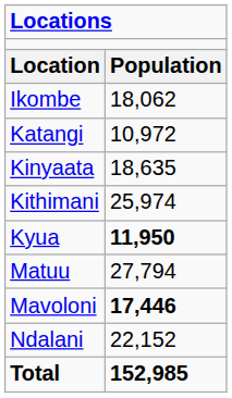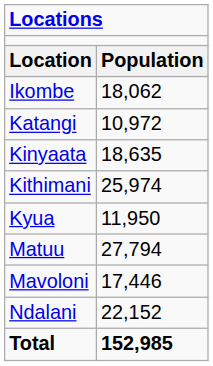 <table class="wikitable">
 <tr>
 <td colspan="2"><strong><a href='#'>Locations</a></strong></td>
 </tr>
 <tr>
 <td colspan="2"></td>
 </tr>
 <tr>
 <th>Location</th>
 <th>Population</th>
 </tr>
 <tr>
 <td><a href='#'>Ikombe</a></td>
 <td>18,062</td>
 </tr>
 <tr>
 <td><a href='#'>Katangi</a></td>
 <td>10,972</td>
 </tr>
 <tr>
 <td><a href='#'>Kinyaata</a></td>
 <td>18,635</td>
 </tr>
 <tr>
 <td><a href='#'>Kithimani</a></td>
 <td>25,974</td>
 </tr>
 <tr>
 <td><a href='#'>Kyua</a></td>
-<td><strong>11,950</strong></td>
+<td>11,950</td>
 </tr>
 <tr>
 <td><a href='#'>Matuu</a></td>
 <td>27,794</td>
 </tr>
 <tr>
 <td><a href='#'>Mavoloni</a></td>
-<td><strong>17,446</strong></td>
+<td>17,446</td>
 </tr>
 <tr>
 <td><a href='#'>Ndalani</a></td>
 <td>22,152</td>
 </tr>
 <tr>
 <td><strong>Total</strong></td>
 <td><strong>152,985</strong></td>
 </tr>
 </table>
